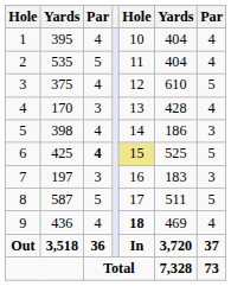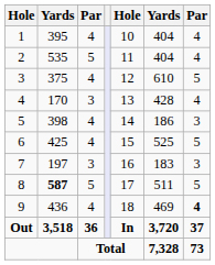 <table class="wikitable" style="text-align:center; font-size:100%;">
 <tr>
 <th>Hole</th>
 <th>Yards</th>
 <th>Par</th>
 <th></th>
 <th>Hole</th>
 <th>Yards</th>
 <th>Par</th>
 </tr>
 <tr>
 <td>1</td>
 <td>395</td>
 <td>4</td>
 <td rowspan=10 style="background:#E6E8FA;"></td>
 <td>10</td>
 <td>404</td>
 <td>4</td>
 </tr>
 <tr>
 <td>2</td>
 <td>535</td>
 <td>5</td>
 <td>11</td>
 <td>404</td>
 <td>4</td>
 </tr>
 <tr>
 <td>3</td>
 <td>375</td>
 <td>4</td>
 <td>12</td>
 <td>610</td>
 <td>5</td>
 </tr>
 <tr>
 <td>4</td>
 <td>170</td>
 <td>3</td>
 <td>13</td>
 <td>428</td>
 <td>4</td>
 </tr>
 <tr>
 <td>5</td>
 <td>398</td>
 <td>4</td>
 <td>14</td>
 <td>186</td>
 <td>3</td>
 </tr>
 <tr>
 <td>6</td>
 <td>425</td>
-<td><strong>4</strong></td>
-<td style="background: khaki;">15</td>
+<td>4</td>
+<td>15</td>
 <td>525</td>
 <td>5</td>
 </tr>
 <tr>
 <td>7</td>
 <td>197</td>
 <td>3</td>
 <td>16</td>
 <td>183</td>
 <td>3</td>
 </tr>
 <tr>
 <td>8</td>
-<td>587</td>
+<td><strong>587</strong></td>
 <td>5</td>
 <td>17</td>
 <td>511</td>
 <td>5</td>
 </tr>
 <tr>
 <td>9</td>
 <td>436</td>
 <td>4</td>
-<td><strong>18</strong></td>
+<td>18</td>
 <td>469</td>
-<td>4</td>
+<td><strong>4</strong></td>
 </tr>
 <tr>
 <td><strong>Out</strong></td>
 <td><strong>3,518</strong></td>
 <td><strong>36</strong></td>
 <td><strong>In</strong></td>
 <td><strong>3,720</strong></td>
 <td><strong>37</strong></td>
 </tr>
 <tr>
 <td colspan=2 align=left></td>
 <td colspan=3><strong>Total</strong></td>
 <td><strong>7,328</strong></td>
 <td><strong>73</strong></td>
 </tr>
 </table>
